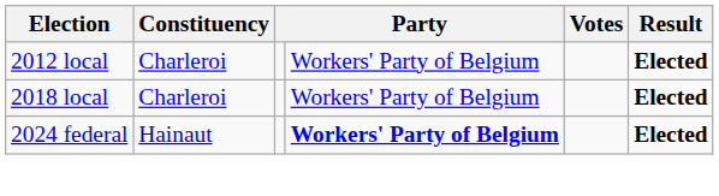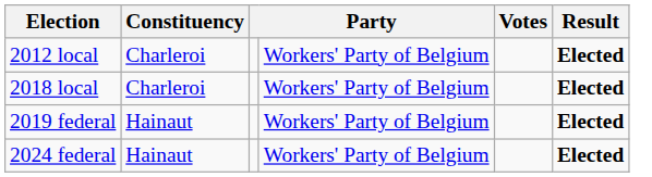 <table class="wikitable" style="text-align:left;">
 <tr>
 <th scope=col>Election</th>
 <th scope=col>Constituency</th>
 <th scope=col colspan="2">Party</th>
 <th scope=col>Votes</th>
 <th scope=col>Result</th>
 </tr>
 <tr>
 <td><a href='#'>2012 local</a></td>
 <td><a href='#'>Charleroi</a></td>
 <td style="background:"></td>
 <td><a href='#'>Workers' Party of Belgium</a></td>
 <td align=right></td>
 <td><strong>Elected</strong></td>
 </tr>
 <tr>
 <td><a href='#'>2018 local</a></td>
 <td><a href='#'>Charleroi</a></td>
 <td style="background:"></td>
 <td><a href='#'>Workers' Party of Belgium</a></td>
 <td align=right></td>
 <td><strong>Elected</strong></td>
 </tr>
 <tr>
+<td><a href='#'>2019 federal</a></td>
+<td><a href='#'>Hainaut</a></td>
+<td style="background:"></td>
+<td><a href='#'>Workers' Party of Belgium</a></td>
+<td align=right></td>
+<td><strong>Elected</strong></td>
+</tr>
+<tr>
 <td><a href='#'>2024 federal</a></td>
 <td><a href='#'>Hainaut</a></td>
 <td style="background:"></td>
-<td><strong><a href='#'>Workers' Party of Belgium</a></strong></td>
+<td><a href='#'>Workers' Party of Belgium</a></td>
 <td align=right></td>
 <td><strong>Elected</strong></td>
 </tr>
 </table>
